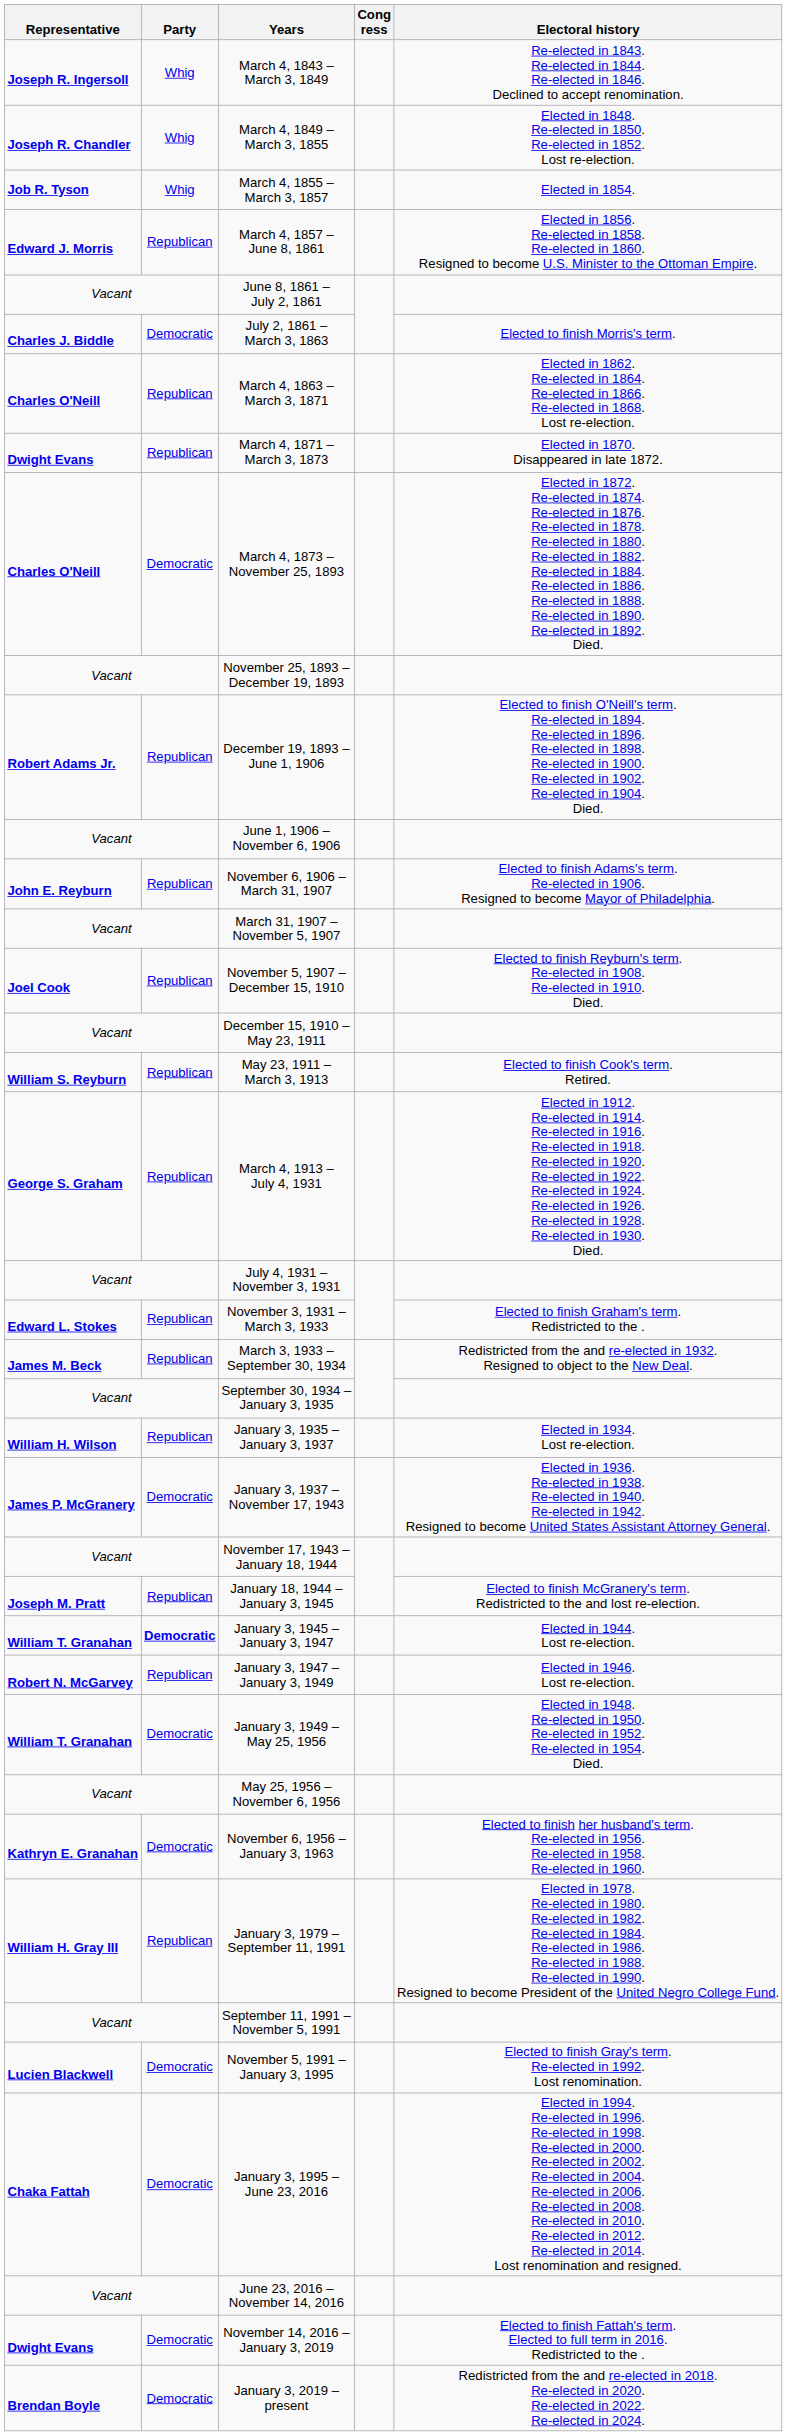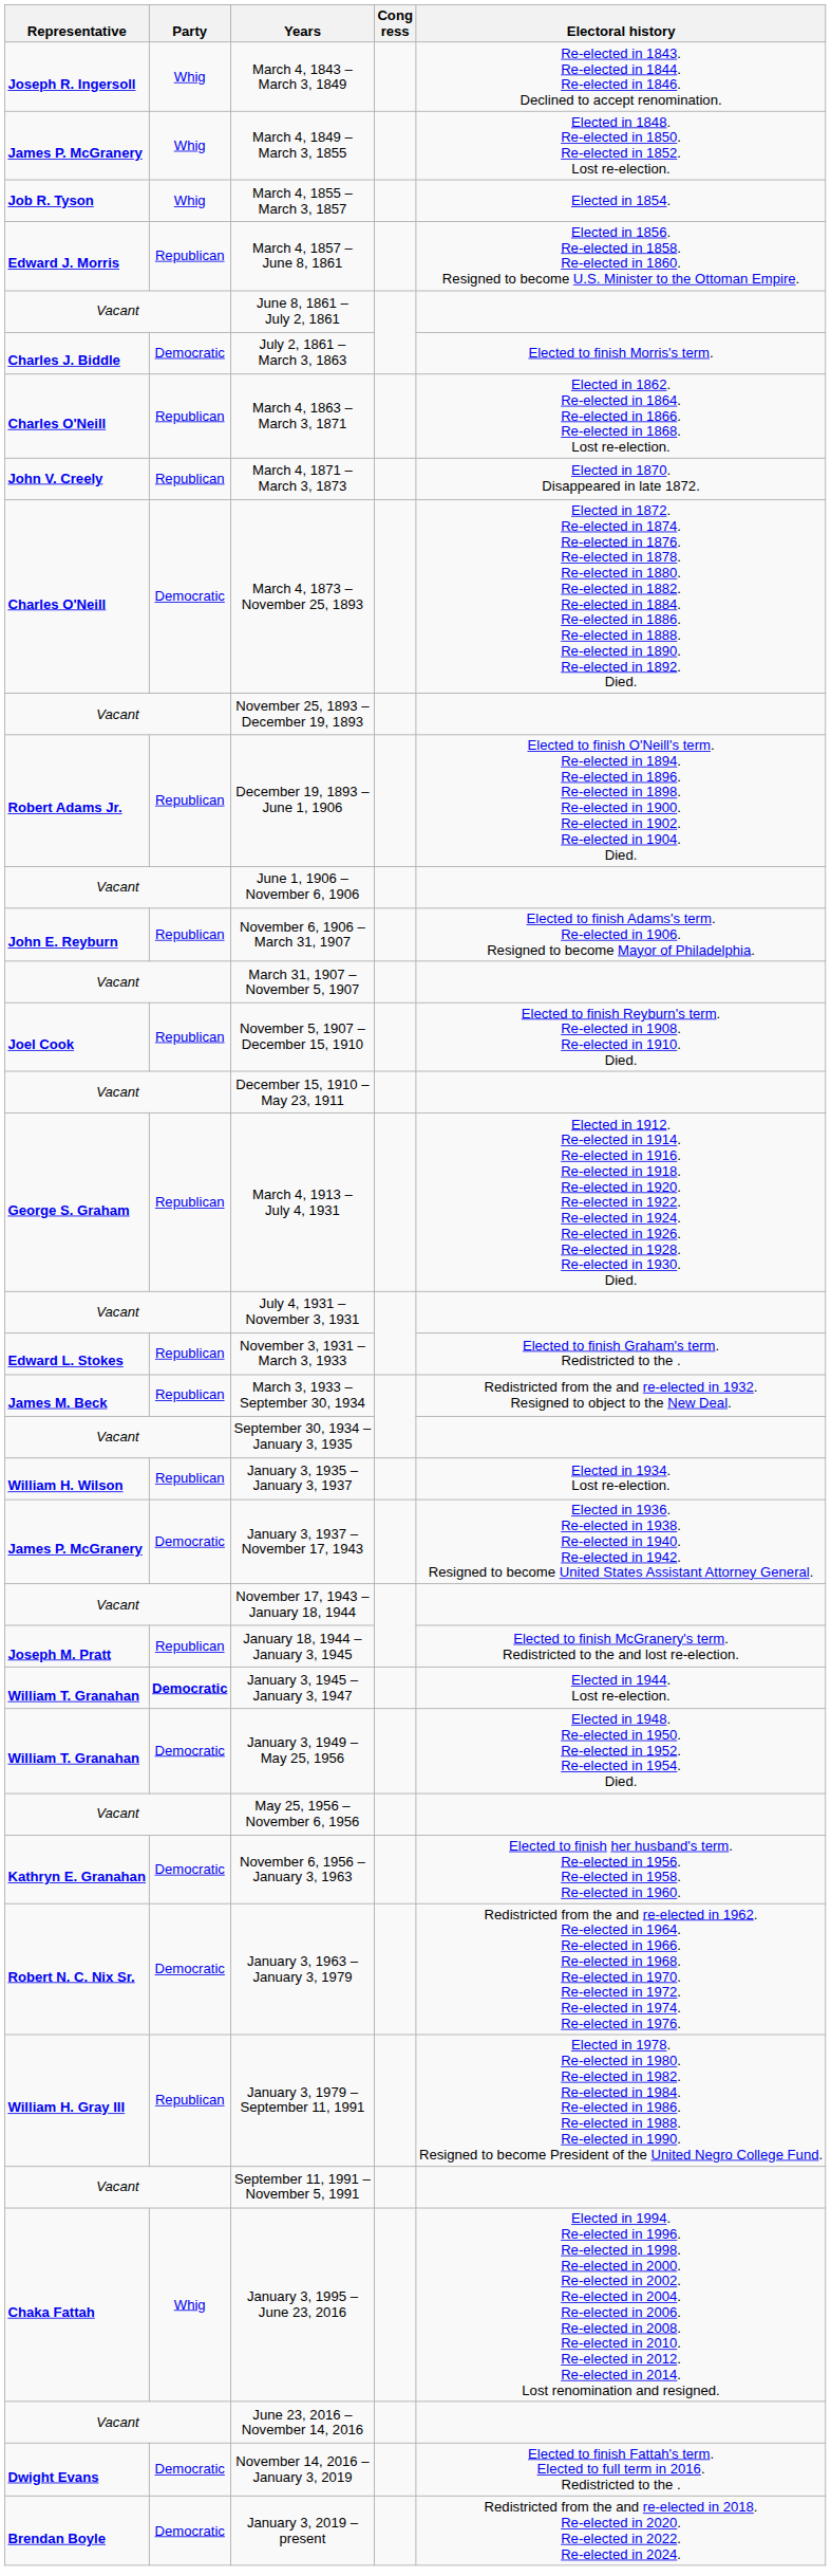 <table class=wikitable style=text-align:center>
 <tr valign=bottom>
 <th>Representative</th>
 <th>Party</th>
 <th>Years</th>
 <th>Cong<br>ress</th>
 <th>Electoral history</th>
 </tr>
 <tr style="height:3em">
 <td align=left><br><strong><a href='#'>Joseph R. Ingersoll</a></strong><br></td>
 <td><a href='#'>Whig</a></td>
 <td nowrap>March 4, 1843 –<br>March 3, 1849</td>
 <td></td>
 <td><a href='#'>Re-elected in 1843</a>.<br><a href='#'>Re-elected in 1844</a>.<br><a href='#'>Re-elected in 1846</a>.<br>Declined to accept renomination.</td>
 </tr>
 <tr style="height:3em">
-<td align=left><br><strong><a href='#'>Joseph R. Chandler</a></strong><br></td>
+<td align=left><br><strong><a href='#'>James P. McGranery</a></strong><br></td>
 <td><a href='#'>Whig</a></td>
 <td nowrap>March 4, 1849 –<br>March 3, 1855</td>
 <td></td>
 <td><a href='#'>Elected in 1848</a>.<br><a href='#'>Re-elected in 1850</a>.<br><a href='#'>Re-elected in 1852</a>.<br>Lost re-election.</td>
 </tr>
 <tr style="height:3em">
 <td align=left><strong><a href='#'>Job R. Tyson</a></strong><br></td>
 <td><a href='#'>Whig</a></td>
 <td nowrap>March 4, 1855 –<br>March 3, 1857</td>
 <td></td>
 <td><a href='#'>Elected in 1854</a>.<br></td>
 </tr>
 <tr style="height:3em">
 <td align=left><br><strong><a href='#'>Edward J. Morris</a></strong><br></td>
 <td><a href='#'>Republican</a></td>
 <td nowrap>March 4, 1857 –<br>June 8, 1861</td>
 <td></td>
 <td><a href='#'>Elected in 1856</a>.<br><a href='#'>Re-elected in 1858</a>.<br><a href='#'>Re-elected in 1860</a>.<br>Resigned to become <a href='#'>U.S. Minister to the Ottoman Empire</a>.</td>
 </tr>
 <tr style="height:3em">
 <td colspan=2><em>Vacant</em></td>
 <td nowrap>June 8, 1861 –<br>July 2, 1861</td>
 <td rowspan=2></td>
 <td></td>
 </tr>
 <tr style="height:3em">
 <td align=left><br><strong><a href='#'>Charles J. Biddle</a></strong><br></td>
 <td><a href='#'>Democratic</a></td>
 <td nowrap>July 2, 1861 –<br>March 3, 1863</td>
 <td><a href='#'>Elected to finish Morris's term</a>.<br></td>
 </tr>
 <tr style="height:3em">
 <td align=left><br><strong><a href='#'>Charles O'Neill</a></strong><br></td>
 <td><a href='#'>Republican</a></td>
 <td nowrap>March 4, 1863 –<br>March 3, 1871</td>
 <td></td>
 <td><a href='#'>Elected in 1862</a>.<br><a href='#'>Re-elected in 1864</a>.<br><a href='#'>Re-elected in 1866</a>.<br><a href='#'>Re-elected in 1868</a>.<br>Lost re-election.</td>
 </tr>
 <tr style="height:3em">
-<td align=left><br><strong><a href='#'>Dwight Evans</a></strong><br></td>
+<td align=left><strong><a href='#'>John V. Creely</a></strong><br></td>
 <td><a href='#'>Republican</a></td>
 <td nowrap>March 4, 1871 –<br>March 3, 1873</td>
 <td></td>
 <td><a href='#'>Elected in 1870</a>.<br>Disappeared in late 1872.</td>
 </tr>
 <tr style="height:3em">
 <td align=left><br><strong><a href='#'>Charles O'Neill</a></strong><br></td>
 <td><a href='#'>Democratic</a></td>
 <td nowrap>March 4, 1873 –<br>November 25, 1893</td>
 <td></td>
 <td><a href='#'>Elected in 1872</a>.<br><a href='#'>Re-elected in 1874</a>.<br><a href='#'>Re-elected in 1876</a>.<br><a href='#'>  Re-elected in 1878</a>.<br><a href='#'>Re-elected in 1880</a>.<br><a href='#'>Re-elected in 1882</a>.<br><a href='#'>Re-elected in 1884</a>.<br><a href='#'>Re-elected in 1886</a>.<br><a href='#'>Re-elected in 1888</a>.<br><a href='#'>Re-elected in 1890</a>.<br><a href='#'>Re-elected in 1892</a>.<br>Died.</td>
 </tr>
 <tr style="height:3em">
 <td colspan=2><em>Vacant</em></td>
 <td nowrap>November 25, 1893 –<br>December 19, 1893</td>
 <td></td>
 <td></td>
 </tr>
 <tr style="height:3em">
 <td align=left><br><strong><a href='#'>Robert Adams Jr.</a></strong><br></td>
 <td><a href='#'>Republican</a></td>
 <td nowrap>December 19, 1893 –<br>June 1, 1906</td>
 <td></td>
 <td><a href='#'>Elected to finish O'Neill's term</a>.<br><a href='#'>Re-elected in 1894</a>.<br><a href='#'>Re-elected in 1896</a>.<br><a href='#'>Re-elected in 1898</a>.<br><a href='#'>Re-elected in 1900</a>.<br><a href='#'>Re-elected in 1902</a>.<br><a href='#'>Re-elected in 1904</a>.<br>Died.</td>
 </tr>
 <tr style="height:3em">
 <td colspan=2><em>Vacant</em></td>
 <td nowrap>June 1, 1906 –<br>November 6, 1906</td>
 <td></td>
 <td></td>
 </tr>
 <tr style="height:3em">
 <td align=left><br><strong><a href='#'>John E. Reyburn</a></strong><br></td>
 <td><a href='#'>Republican</a></td>
 <td nowrap>November 6, 1906 –<br>March 31, 1907</td>
 <td></td>
 <td><a href='#'>Elected to finish Adams's term</a>.<br><a href='#'>Re-elected in 1906</a>.<br>Resigned to become <a href='#'>Mayor of Philadelphia</a>.</td>
 </tr>
 <tr style="height:3em">
 <td colspan=2><em>Vacant</em></td>
 <td nowrap>March 31, 1907 –<br>November 5, 1907</td>
 <td></td>
 <td></td>
 </tr>
 <tr style="height:3em">
 <td align=left><br><strong><a href='#'>Joel Cook</a></strong><br></td>
 <td><a href='#'>Republican</a></td>
 <td nowrap>November 5, 1907 –<br>December 15, 1910</td>
 <td></td>
 <td><a href='#'>Elected to finish Reyburn's term</a>.<br><a href='#'>Re-elected in 1908</a>.<br><a href='#'>Re-elected in 1910</a>.<br>Died.</td>
 </tr>
 <tr style="height:3em">
 <td colspan=2><em>Vacant</em></td>
 <td nowrap>December 15, 1910 –<br>May 23, 1911</td>
 <td></td>
 <td></td>
-</tr>
-<tr style="height:3em">
-<td align=left><br><strong><a href='#'>William S. Reyburn</a></strong><br></td>
-<td><a href='#'>Republican</a></td>
-<td nowrap>May 23, 1911 –<br>March 3, 1913</td>
-<td></td>
-<td><a href='#'>Elected to finish Cook's term</a>.<br>Retired.</td>
 </tr>
 <tr style="height:3em">
 <td align=left><br><strong><a href='#'>George S. Graham</a></strong><br></td>
 <td><a href='#'>Republican</a></td>
 <td nowrap>March 4, 1913 –<br>July 4, 1931</td>
 <td></td>
 <td><a href='#'>Elected in 1912</a>.<br><a href='#'>Re-elected in 1914</a>.<br><a href='#'>Re-elected in 1916</a>.<br><a href='#'>Re-elected in 1918</a>.<br><a href='#'>Re-elected in 1920</a>.<br><a href='#'>Re-elected in 1922</a>.<br><a href='#'>Re-elected in 1924</a>.<br><a href='#'>Re-elected in 1926</a>.<br><a href='#'>Re-elected in 1928</a>.<br><a href='#'>Re-elected in 1930</a>.<br>Died.</td>
 </tr>
 <tr style="height:3em">
 <td colspan=2><em>Vacant</em></td>
 <td nowrap>July 4, 1931 –<br>November 3, 1931</td>
 <td rowspan=2></td>
 <td></td>
 </tr>
 <tr style="height:3em">
 <td align=left><br><strong><a href='#'>Edward L. Stokes</a></strong><br></td>
 <td><a href='#'>Republican</a></td>
 <td nowrap>November 3, 1931 –<br>March 3, 1933</td>
 <td><a href='#'>Elected to finish Graham's term</a>.<br>Redistricted to the .</td>
 </tr>
 <tr style="height:3em">
 <td align=left><br><strong><a href='#'>James M. Beck</a></strong><br></td>
 <td><a href='#'>Republican</a></td>
 <td nowrap>March 3, 1933 –<br>September 30, 1934</td>
 <td rowspan=2></td>
 <td>Redistricted from the  and <a href='#'>re-elected in 1932</a>.<br>Resigned to object to the <a href='#'>New Deal</a>.</td>
 </tr>
 <tr style="height:3em">
 <td colspan=2><em>Vacant</em></td>
 <td nowrap>September 30, 1934 –<br>January 3, 1935</td>
 <td></td>
 </tr>
 <tr style="height:3em">
 <td align=left><br><strong><a href='#'>William H. Wilson</a></strong><br></td>
 <td><a href='#'>Republican</a></td>
 <td nowrap>January 3, 1935 –<br>January 3, 1937</td>
 <td></td>
 <td><a href='#'>Elected in 1934</a>.<br>Lost re-election.</td>
 </tr>
 <tr style="height:3em">
 <td align=left><br><strong><a href='#'>James P. McGranery</a></strong><br></td>
 <td><a href='#'>Democratic</a></td>
 <td nowrap>January 3, 1937 –<br>November 17, 1943</td>
 <td></td>
 <td><a href='#'>Elected in 1936</a>.<br><a href='#'>Re-elected in 1938</a>.<br><a href='#'>Re-elected in 1940</a>.<br><a href='#'>  Re-elected in 1942</a>.<br>Resigned to become <a href='#'>United States Assistant Attorney General</a>.</td>
 </tr>
 <tr style="height:3em">
 <td colspan=2><em>Vacant</em></td>
 <td nowrap>November 17, 1943 –<br>January 18, 1944</td>
 <td rowspan=2></td>
 <td></td>
 </tr>
 <tr style="height:3em">
 <td align=left><br><strong><a href='#'>Joseph M. Pratt</a></strong><br></td>
 <td><a href='#'>Republican</a></td>
 <td nowrap>January 18, 1944 –<br>January 3, 1945</td>
 <td><a href='#'>Elected to finish McGranery's term</a>.<br>Redistricted to the  and lost re-election.</td>
 </tr>
 <tr style="height:3em">
 <td align=left><br><strong><a href='#'>William T. Granahan</a></strong><br></td>
 <td><strong><a href='#'>Democratic</a></strong></td>
 <td nowrap>January 3, 1945 –<br>January 3, 1947</td>
 <td></td>
 <td><a href='#'>Elected in 1944</a>.<br>Lost re-election.</td>
 </tr>
 <tr style="height:3em">
-<td align=left><br><strong><a href='#'>Robert N. McGarvey</a></strong><br></td>
-<td><a href='#'>Republican</a></td>
-<td nowrap>January 3, 1947 –<br>January 3, 1949</td>
-<td></td>
-<td><a href='#'>Elected in 1946</a>.<br>Lost re-election.</td>
-</tr>
-<tr style="height:3em">
 <td align=left><br><strong><a href='#'>William T. Granahan</a></strong><br></td>
 <td><a href='#'>Democratic</a></td>
 <td nowrap>January 3, 1949 –<br>May 25, 1956</td>
 <td></td>
 <td><a href='#'>Elected in 1948</a>.<br><a href='#'>Re-elected in 1950</a>.<br><a href='#'>Re-elected in 1952</a>.<br><a href='#'>Re-elected in 1954</a>.<br>Died.</td>
 </tr>
 <tr style="height:3em">
 <td colspan=2><em>Vacant</em></td>
 <td nowrap>May 25, 1956 –<br>November 6, 1956</td>
 <td></td>
 <td></td>
 </tr>
 <tr style="height:3em">
 <td align=left><br><strong><a href='#'>Kathryn E. Granahan</a></strong><br></td>
 <td><a href='#'>Democratic</a></td>
 <td nowrap>November 6, 1956 –<br>January 3, 1963</td>
 <td></td>
 <td><a href='#'>Elected to finish</a> <a href='#'>her husband's term</a>.<br><a href='#'>Re-elected in 1956</a>.<br><a href='#'>Re-elected in 1958</a>.<br><a href='#'>Re-elected in 1960</a>.<br></td>
 </tr>
 <tr style="height:3em">
+<td align=left><br><strong><a href='#'>Robert N. C. Nix Sr.</a></strong><br></td>
+<td><a href='#'>Democratic</a></td>
+<td nowrap>January 3, 1963 –<br>January 3, 1979</td>
+<td></td>
+<td>Redistricted from the  and <a href='#'>re-elected in 1962</a>.<br><a href='#'>Re-elected in 1964</a>.<br><a href='#'>Re-elected in 1966</a>.<br><a href='#'>Re-elected in 1968</a>.<br><a href='#'>Re-elected in 1970</a>.<br><a href='#'>Re-elected in 1972</a>.<br><a href='#'>Re-elected in 1974</a>.<br><a href='#'>Re-elected in 1976</a>.<br></td>
+</tr>
+<tr style="height:3em">
 <td align=left><br><strong><a href='#'>William H. Gray III</a></strong><br></td>
 <td><a href='#'>Republican</a></td>
 <td nowrap>January 3, 1979 –<br>September 11, 1991</td>
 <td></td>
 <td><a href='#'>Elected in 1978</a>.<br><a href='#'>Re-elected in 1980</a>.<br><a href='#'>Re-elected in 1982</a>.<br><a href='#'>Re-elected in 1984</a>.<br><a href='#'>Re-elected in 1986</a>.<br><a href='#'>Re-elected in 1988</a>.<br><a href='#'>Re-elected in 1990</a>.<br>Resigned to become President of the <a href='#'>United Negro College Fund</a>.</td>
 </tr>
 <tr style="height:3em">
 <td colspan=2><em>Vacant</em></td>
 <td nowrap>September 11, 1991 –<br>November 5, 1991</td>
 <td></td>
 <td></td>
 </tr>
 <tr style="height:3em">
-<td align=left><br><strong><a href='#'>Lucien Blackwell</a></strong><br></td>
-<td><a href='#'>Democratic</a></td>
-<td nowrap>November 5, 1991 –<br>January 3, 1995</td>
-<td></td>
-<td><a href='#'>Elected to finish Gray's term</a>.<br><a href='#'>Re-elected in 1992</a>.<br>Lost renomination.</td>
-</tr>
-<tr style="height:3em">
 <td align=left><br><strong><a href='#'>Chaka Fattah</a></strong><br></td>
-<td><a href='#'>Democratic</a></td>
+<td><a href='#'>Whig</a></td>
 <td nowrap>January 3, 1995 –<br>June 23, 2016</td>
 <td></td>
 <td><a href='#'>Elected in 1994</a>.<br><a href='#'>Re-elected in 1996</a>.<br><a href='#'>Re-elected in 1998</a>.<br><a href='#'>Re-elected in 2000</a>.<br><a href='#'>Re-elected in 2002</a>.<br><a href='#'>Re-elected in 2004</a>.<br><a href='#'>Re-elected in 2006</a>.<br><a href='#'>Re-elected in 2008</a>.<br><a href='#'>Re-elected in 2010</a>.<br><a href='#'>Re-elected in 2012</a>.<br><a href='#'>Re-elected in 2014</a>.<br>Lost renomination and resigned.</td>
 </tr>
 <tr style="height:3em">
 <td colspan=2><em>Vacant</em></td>
 <td nowrap>June 23, 2016 –<br>November 14, 2016</td>
 <td></td>
 <td></td>
 </tr>
 <tr style="height:3em">
 <td align=left><br><strong><a href='#'>Dwight Evans</a></strong><br></td>
 <td><a href='#'>Democratic</a></td>
 <td nowrap>November 14, 2016 –<br>January 3, 2019</td>
 <td></td>
 <td><a href='#'>Elected to finish Fattah's term</a>.<br><a href='#'>Elected to full term in 2016</a>.<br>Redistricted to the .</td>
 </tr>
 <tr style="height:3em">
 <td align=left><br><strong><a href='#'>Brendan Boyle</a></strong><br></td>
 <td><a href='#'>Democratic</a></td>
 <td nowrap>January 3, 2019 –<br>present</td>
 <td></td>
 <td>Redistricted from the  and <a href='#'>re-elected in 2018</a>.<br><a href='#'>Re-elected in 2020</a>.<br><a href='#'>Re-elected in 2022</a>.<br><a href='#'>Re-elected in 2024</a>.</td>
 </tr>
 </table>
